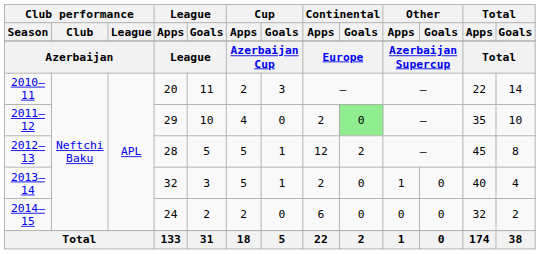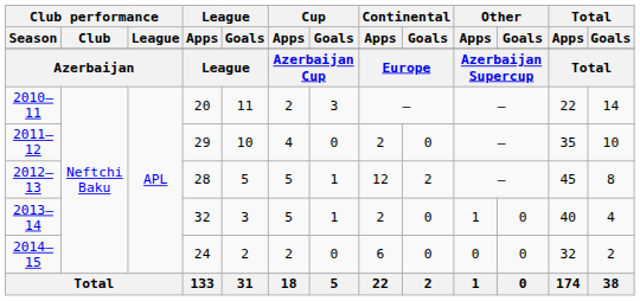 <table class="wikitable" style="text-align:center">
 <tr>
 <th colspan=3>Club performance</th>
 <th colspan=2>League</th>
 <th colspan=2>Cup</th>
 <th colspan=2>Continental</th>
 <th colspan=2>Other</th>
 <th colspan=2>Total</th>
 </tr>
 <tr>
 <th>Season</th>
 <th>Club</th>
 <th>League</th>
 <th>Apps</th>
 <th>Goals</th>
 <th>Apps</th>
 <th>Goals</th>
 <th>Apps</th>
 <th>Goals</th>
 <th>Apps</th>
 <th>Goals</th>
 <th>Apps</th>
 <th>Goals</th>
 </tr>
 <tr>
 </tr>
 <tr>
 <th colspan=3>Azerbaijan</th>
 <th colspan=2>League</th>
 <th colspan=2><a href='#'>Azerbaijan Cup</a></th>
 <th colspan=2><a href='#'>Europe</a></th>
 <th colspan=2><a href='#'>Azerbaijan Supercup</a></th>
 <th colspan=2>Total</th>
 </tr>
 <tr>
 <td><a href='#'>2010–11</a></td>
 <td rowspan=5><a href='#'>Neftchi Baku</a></td>
 <td rowspan=5><a href='#'>APL</a></td>
 <td>20</td>
 <td>11</td>
 <td>2</td>
 <td>3</td>
 <td colspan=2>—</td>
 <td colspan=2>—</td>
 <td>22</td>
 <td>14</td>
 </tr>
 <tr>
 <td><a href='#'>2011–12</a></td>
 <td>29</td>
 <td>10</td>
 <td>4</td>
 <td>0</td>
 <td>2</td>
-<td style="background: lightgreen;">0</td>
+<td>0</td>
 <td colspan=2>—</td>
 <td>35</td>
 <td>10</td>
 </tr>
 <tr>
 <td><a href='#'>2012–13</a></td>
 <td>28</td>
 <td>5</td>
 <td>5</td>
 <td>1</td>
 <td>12</td>
 <td>2</td>
 <td colspan=2>—</td>
 <td>45</td>
 <td>8</td>
 </tr>
 <tr>
 <td><a href='#'>2013–14</a></td>
 <td>32</td>
 <td>3</td>
 <td>5</td>
 <td>1</td>
 <td>2</td>
 <td>0</td>
 <td>1</td>
 <td>0</td>
 <td>40</td>
 <td>4</td>
 </tr>
 <tr>
 <td><a href='#'>2014–15</a></td>
 <td>24</td>
 <td>2</td>
 <td>2</td>
 <td>0</td>
 <td>6</td>
 <td>0</td>
 <td>0</td>
 <td>0</td>
 <td>32</td>
 <td>2</td>
 </tr>
 <tr>
 <th colspan=3>Total</th>
 <th>133</th>
 <th>31</th>
 <th>18</th>
 <th>5</th>
 <th>22</th>
 <th>2</th>
 <th>1</th>
 <th>0</th>
 <th>174</th>
 <th>38</th>
 </tr>
 </table>
